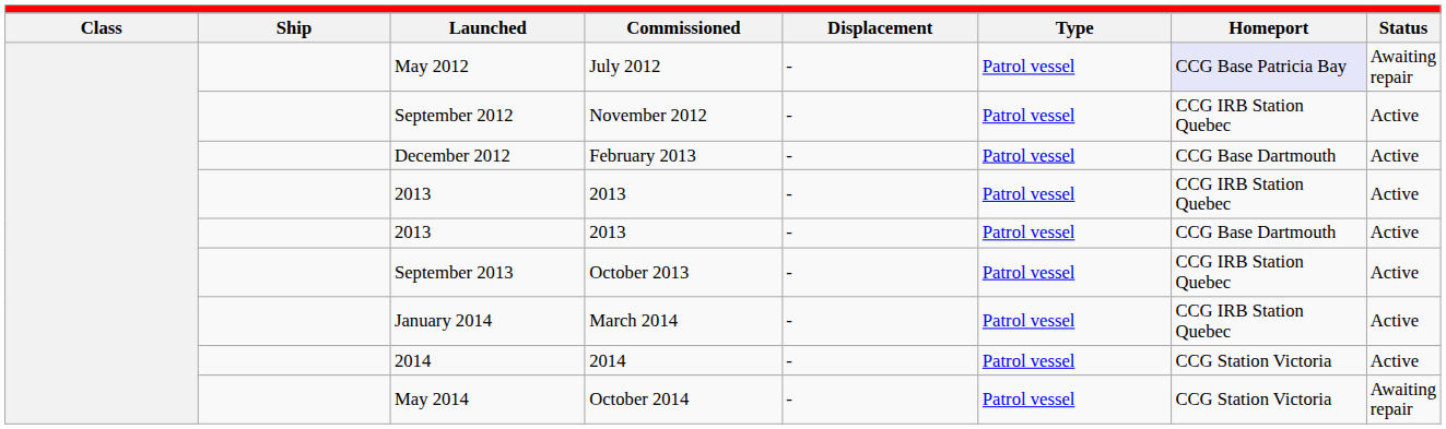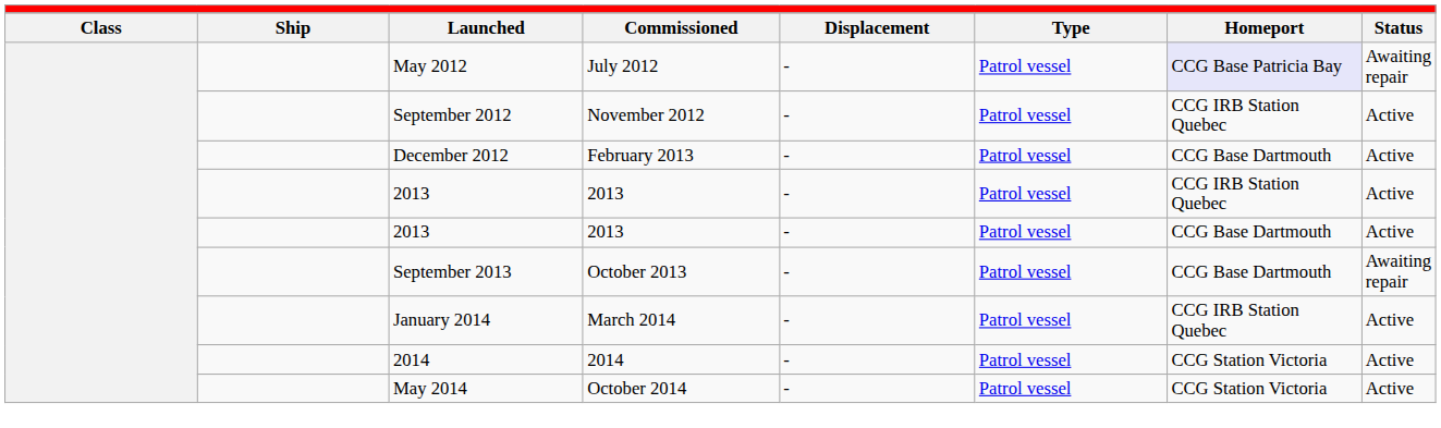 <table class="wikitable" style="margin:auto; width:100%;">
 <tr>
 <th style="align: center; background: #FF0000;" colspan="8"><strong></strong></th>
 </tr>
 <tr>
 </tr>
 <tr>
 <th style="text-align:center; width:14%;">Class</th>
 <th style="text-align:center; width:14%;">Ship</th>
 <th style="text-align:center; width:14%;">Launched</th>
 <th style="text-align:center; width:14%;">Commissioned</th>
 <th style="text-align:center; width:14%;">Displacement</th>
 <th style="text-align:center; width:14%;">Type</th>
 <th style="text-align:center; width:14%;">Homeport</th>
 <th style="text-align:center; width:2%;">Status</th>
 </tr>
 <tr>
 <th rowspan="9"></th>
 <td></td>
 <td>May 2012</td>
 <td>July 2012</td>
 <td>-</td>
 <td><a href='#'>Patrol vessel</a></td>
 <td style="background: lavender;">CCG Base Patricia Bay</td>
 <td>Awaiting repair</td>
 </tr>
 <tr>
 <td></td>
 <td>September 2012</td>
 <td>November 2012</td>
 <td>-</td>
 <td><a href='#'> Patrol vessel</a></td>
 <td>CCG IRB Station Quebec</td>
 <td>Active</td>
 </tr>
 <tr>
 <td></td>
 <td>December 2012</td>
 <td>February 2013</td>
 <td>-</td>
 <td><a href='#'>Patrol vessel</a></td>
 <td>CCG Base Dartmouth</td>
 <td>Active</td>
 </tr>
 <tr>
 <td></td>
 <td>2013</td>
 <td>2013</td>
 <td>-</td>
 <td><a href='#'>Patrol vessel</a></td>
 <td>CCG IRB Station Quebec</td>
 <td>Active</td>
 </tr>
 <tr>
 <td> </td>
 <td>2013</td>
 <td>2013</td>
 <td>-</td>
 <td><a href='#'>Patrol vessel</a></td>
 <td>CCG Base Dartmouth</td>
 <td>Active</td>
 </tr>
 <tr>
 <td></td>
 <td>September 2013</td>
 <td>October 2013</td>
 <td>-</td>
 <td><a href='#'>Patrol vessel</a></td>
-<td>CCG IRB Station Quebec</td>
-<td>Active</td>
+<td>CCG Base Dartmouth</td>
+<td>Awaiting repair</td>
 </tr>
 <tr>
 <td></td>
 <td>January 2014</td>
 <td>March 2014</td>
 <td>-</td>
 <td><a href='#'>Patrol vessel</a></td>
 <td>CCG IRB Station Quebec</td>
 <td>Active</td>
 </tr>
 <tr>
 <td> </td>
 <td>2014</td>
 <td>2014</td>
 <td>-</td>
 <td><a href='#'>Patrol vessel</a></td>
 <td>CCG Station Victoria</td>
 <td>Active</td>
 </tr>
 <tr>
 <td></td>
 <td>May 2014</td>
 <td>October 2014</td>
 <td>-</td>
 <td><a href='#'>Patrol vessel</a></td>
 <td>CCG Station Victoria</td>
-<td>Awaiting repair</td>
+<td>Active</td>
 </tr>
 </table>
